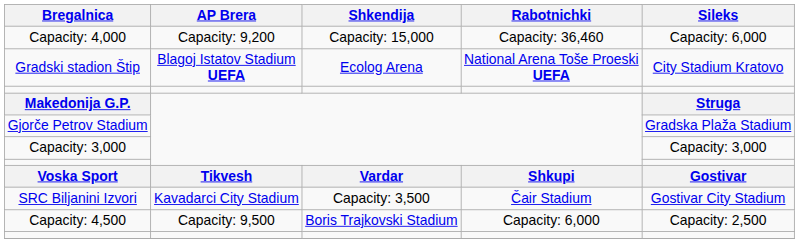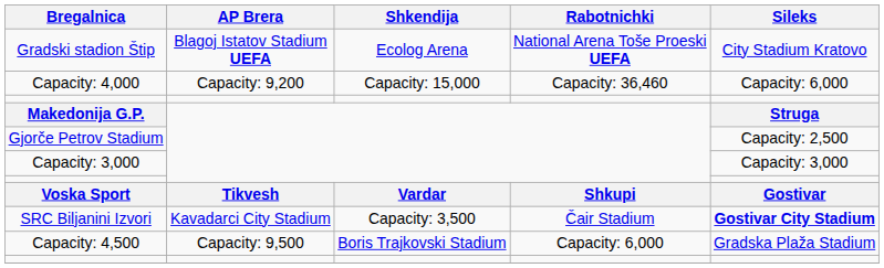 <table class="wikitable" style="text-align:center">
 <tr>
 <th><a href='#'>Bregalnica</a></th>
 <th><a href='#'>AP Brera</a></th>
 <th><a href='#'>Shkendija</a></th>
 <th><a href='#'>Rabotnichki</a></th>
 <th><a href='#'>Sileks</a></th>
 </tr>
 <tr>
+<td><a href='#'>Gradski stadion Štip</a></td>
+<td><a href='#'>Blagoj Istatov Stadium</a><br><strong><a href='#'>UEFA</a></strong> </td>
+<td><a href='#'>Ecolog Arena</a></td>
+<td><a href='#'>National Arena Toše Proeski</a> <br><strong><a href='#'>UEFA</a></strong> </td>
+<td><a href='#'>City Stadium Kratovo</a></td>
+</tr>
+<tr>
 <td>Capacity: 4,000</td>
 <td>Capacity: 9,200</td>
 <td>Capacity: 15,000</td>
 <td>Capacity: 36,460</td>
 <td>Capacity: 6,000</td>
-</tr>
-<tr>
-<td><a href='#'>Gradski stadion Štip</a></td>
-<td><a href='#'>Blagoj Istatov Stadium</a><br><strong><a href='#'>UEFA</a></strong> </td>
-<td><a href='#'>Ecolog Arena</a></td>
-<td><a href='#'>National Arena Toše Proeski</a> <br><strong><a href='#'>UEFA</a></strong> </td>
-<td><a href='#'>City Stadium Kratovo</a></td>
 </tr>
 <tr>
 <td></td>
 <td></td>
 <td></td>
 <td></td>
 <td></td>
 </tr>
 <tr>
 <th><a href='#'>Makedonija G.P.</a></th>
 <td colspan="3" rowspan="4"><br> </td>
 <th><a href='#'>Struga</a></th>
 </tr>
 <tr>
 <td><a href='#'>Gjorče Petrov Stadium</a></td>
-<td><a href='#'>Gradska Plaža Stadium</a></td>
+<td>Capacity: 2,500</td>
 </tr>
 <tr>
 <td>Capacity: 3,000</td>
 <td>Capacity: 3,000</td>
 </tr>
 <tr>
 <td></td>
 <td></td>
 </tr>
 <tr>
 <th><a href='#'>Voska Sport</a></th>
 <th><a href='#'>Tikvesh</a></th>
 <th><a href='#'>Vardar</a></th>
 <th><a href='#'>Shkupi</a></th>
 <th><a href='#'>Gostivar</a></th>
 </tr>
 <tr>
 <td><a href='#'>SRC Biljanini Izvori</a></td>
 <td><a href='#'>Kavadarci City Stadium</a></td>
 <td>Capacity: 3,500</td>
 <td><a href='#'>Čair Stadium</a></td>
-<td><a href='#'>Gostivar City Stadium</a></td>
+<td><strong><a href='#'>Gostivar City Stadium</a></strong></td>
 </tr>
 <tr>
 <td>Capacity: 4,500</td>
 <td>Capacity: 9,500</td>
 <td><a href='#'>Boris Trajkovski Stadium</a></td>
 <td>Capacity: 6,000</td>
-<td>Capacity: 2,500</td>
+<td><a href='#'>Gradska Plaža Stadium</a></td>
 </tr>
 <tr>
 <td></td>
 <td></td>
 <td></td>
 <td></td>
 <td></td>
 </tr>
 <tr>
 </tr>
 </table>
